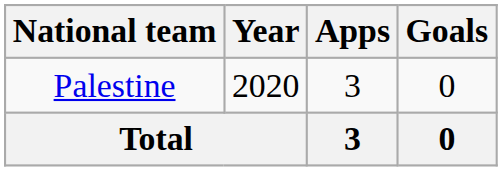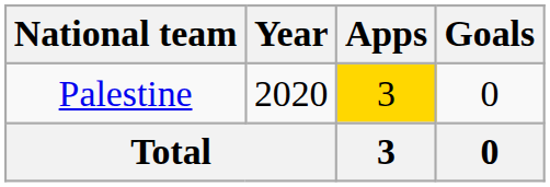 <table class="wikitable" style="text-align:center">
 <tr>
 <th>National team</th>
 <th>Year</th>
 <th>Apps</th>
 <th>Goals</th>
 </tr>
 <tr>
 <td rowspan="1"><a href='#'>Palestine</a></td>
 <td>2020</td>
-<td>3</td>
+<td style="background: gold;">3</td>
 <td>0</td>
 </tr>
 <tr>
 <th colspan=2>Total</th>
 <th>3</th>
 <th>0</th>
 </tr>
 </table>
